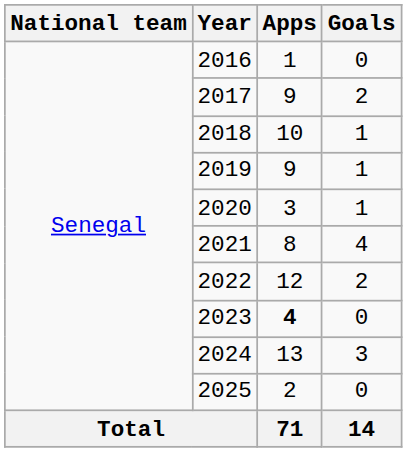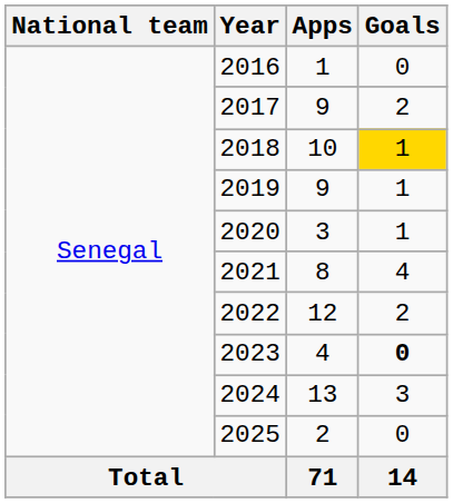 <table class="wikitable" style="text-align:center">
 <tr>
 <th>National team</th>
 <th>Year</th>
 <th>Apps</th>
 <th>Goals</th>
 </tr>
 <tr>
 <td rowspan="10"><a href='#'>Senegal</a></td>
 <td>2016</td>
 <td>1</td>
 <td>0</td>
 </tr>
 <tr>
 <td>2017</td>
 <td>9</td>
 <td>2</td>
 </tr>
 <tr>
 <td>2018</td>
 <td>10</td>
-<td>1</td>
+<td style="background: gold;">1</td>
 </tr>
 <tr>
 <td>2019</td>
 <td>9</td>
 <td>1</td>
 </tr>
 <tr>
 <td>2020</td>
 <td>3</td>
 <td>1</td>
 </tr>
 <tr>
 <td>2021</td>
 <td>8</td>
 <td>4</td>
 </tr>
 <tr>
 <td>2022</td>
 <td>12</td>
 <td>2</td>
 </tr>
 <tr>
 <td>2023</td>
-<td><strong>4</strong></td>
-<td>0</td>
+<td>4</td>
+<td><strong>0</strong></td>
 </tr>
 <tr>
 <td>2024</td>
 <td>13</td>
 <td>3</td>
 </tr>
 <tr>
 <td>2025</td>
 <td>2</td>
 <td>0</td>
 </tr>
 <tr>
 <th colspan="2">Total</th>
 <th>71</th>
 <th>14</th>
 </tr>
 </table>
